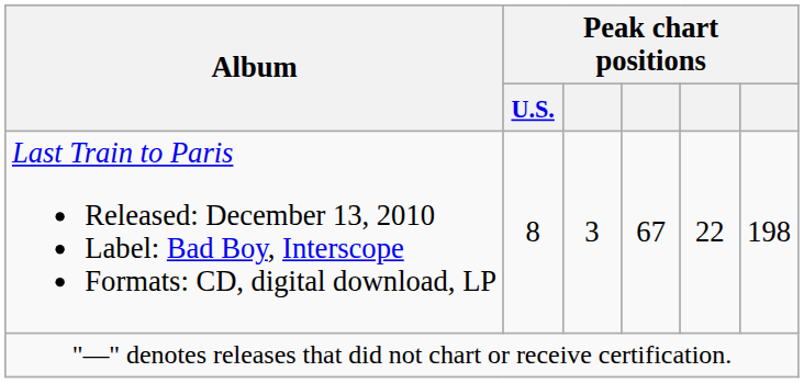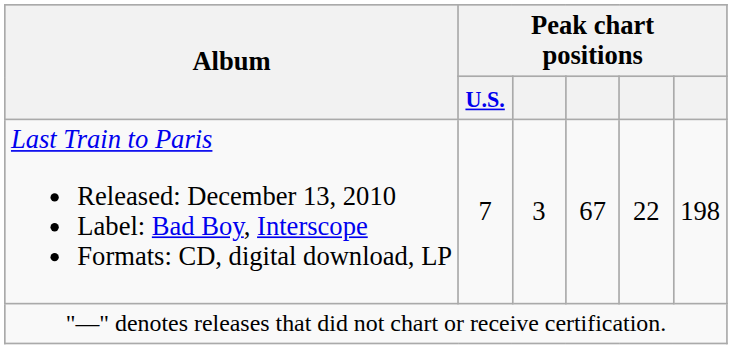 <table class="wikitable" style=text-align:center;>
 <tr>
 <th rowspan="2">Album</th>
 <th colspan="5">Peak chart<br> positions</th>
 </tr>
 <tr>
 <th style="width:25px;"><small><a href='#'>U.S.</a></small></th>
 <th style="width:25px;"></th>
 <th style="width:25px;"></th>
 <th style="width:25px;"></th>
 <th style="width:25px;"></th>
 </tr>
 <tr>
 <td align="left"><em><a href='#'>Last Train to Paris</a></em><br><ul><li>Released: December 13, 2010</li><li>Label: <a href='#'>Bad Boy</a>, <a href='#'>Interscope</a></li><li>Formats: CD, digital download, LP</li></ul></td>
-<td style="text-align:center;">8</td>
+<td style="text-align:center;">7</td>
 <td style="text-align:center;">3</td>
 <td style="text-align:center;">67</td>
 <td style="text-align:center;">22</td>
 <td style="text-align:center;">198</td>
 </tr>
 <tr>
 <td colspan="14" style="font-size:90%">"—" denotes releases that did not chart or receive certification.</td>
 </tr>
 </table>
